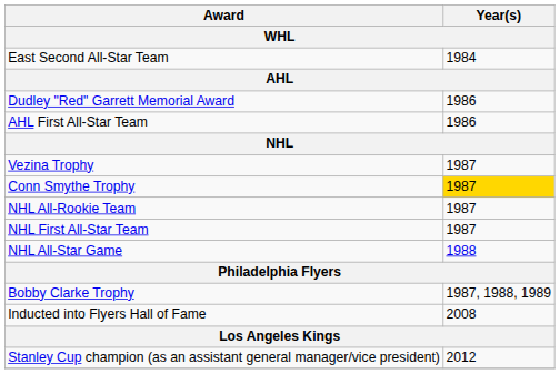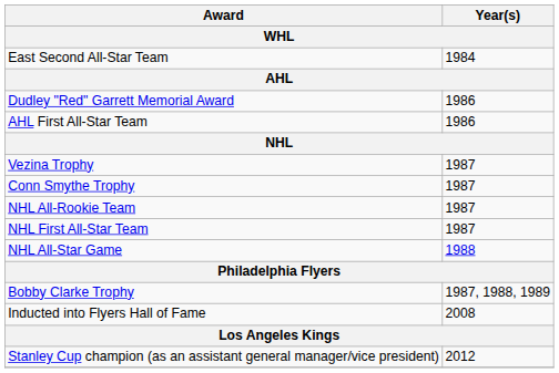 <table class="wikitable">
 <tr>
 <th>Award</th>
 <th>Year(s)</th>
 </tr>
 <tr>
 <th colspan="2">WHL</th>
 </tr>
 <tr>
 <td>East Second All-Star Team</td>
 <td>1984</td>
 </tr>
 <tr>
 <th colspan="2">AHL</th>
 </tr>
 <tr>
 <td><a href='#'>Dudley "Red" Garrett Memorial Award</a></td>
 <td>1986</td>
 </tr>
 <tr>
 <td><a href='#'>AHL</a> First All-Star Team</td>
 <td>1986</td>
 </tr>
 <tr>
 <th colspan="2">NHL</th>
 </tr>
 <tr>
 <td><a href='#'>Vezina Trophy</a></td>
 <td>1987</td>
 </tr>
 <tr>
 <td><a href='#'>Conn Smythe Trophy</a></td>
-<td style="background: gold;">1987</td>
+<td>1987</td>
 </tr>
 <tr>
 <td><a href='#'>NHL All-Rookie Team</a></td>
 <td>1987</td>
 </tr>
 <tr>
 <td><a href='#'>NHL First All-Star Team</a></td>
 <td>1987</td>
 </tr>
 <tr>
 <td><a href='#'>NHL All-Star Game</a></td>
 <td><a href='#'>1988</a></td>
 </tr>
 <tr>
 <th colspan="2">Philadelphia Flyers</th>
 </tr>
 <tr>
 <td><a href='#'>Bobby Clarke Trophy</a></td>
 <td>1987, 1988, 1989</td>
 </tr>
 <tr>
 <td>Inducted into Flyers Hall of Fame</td>
 <td>2008</td>
 </tr>
 <tr>
 <th colspan="2">Los Angeles Kings</th>
 </tr>
 <tr>
 <td><a href='#'>Stanley Cup</a> champion (as an assistant general manager/vice president)</td>
 <td>2012</td>
 </tr>
 <tr>
 </tr>
 </table>
